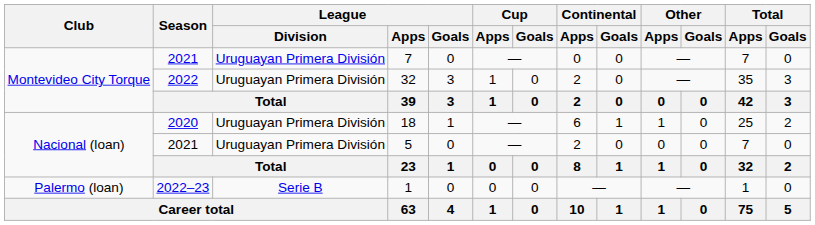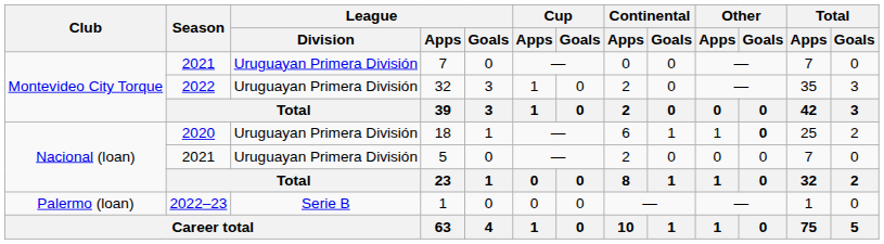 <table class="wikitable" Style="text-align: center">
 <tr>
 <th rowspan="2">Club</th>
 <th rowspan="2">Season</th>
 <th colspan="3">League</th>
 <th colspan="2">Cup</th>
 <th colspan="2">Continental</th>
 <th colspan="2">Other</th>
 <th colspan="2">Total</th>
 </tr>
 <tr>
 <th>Division</th>
 <th>Apps</th>
 <th>Goals</th>
 <th>Apps</th>
 <th>Goals</th>
 <th>Apps</th>
 <th>Goals</th>
 <th>Apps</th>
 <th>Goals</th>
 <th>Apps</th>
 <th>Goals</th>
 </tr>
 <tr>
 <td rowspan="3"><a href='#'>Montevideo City Torque</a></td>
 <td><a href='#'>2021</a></td>
 <td><a href='#'>Uruguayan Primera División</a></td>
 <td>7</td>
 <td>0</td>
 <td colspan="2">—</td>
 <td>0</td>
 <td>0</td>
 <td colspan="2">—</td>
 <td>7</td>
 <td>0</td>
 </tr>
 <tr>
 <td><a href='#'>2022</a></td>
 <td>Uruguayan Primera División</td>
 <td>32</td>
 <td>3</td>
 <td>1</td>
 <td>0</td>
 <td>2</td>
 <td>0</td>
 <td colspan="2">—</td>
 <td>35</td>
 <td>3</td>
 </tr>
 <tr>
 <th colspan="2">Total</th>
 <th>39</th>
 <th>3</th>
 <th>1</th>
 <th>0</th>
 <th>2</th>
 <th>0</th>
 <th>0</th>
 <th>0</th>
 <th>42</th>
 <th>3</th>
 </tr>
 <tr>
 <td rowspan="3"><a href='#'>Nacional</a> (loan)</td>
 <td><a href='#'>2020</a></td>
 <td>Uruguayan Primera División</td>
 <td>18</td>
 <td>1</td>
 <td colspan="2">—</td>
 <td>6</td>
 <td>1</td>
 <td>1</td>
-<td>0</td>
+<td><strong>0</strong></td>
 <td>25</td>
 <td>2</td>
 </tr>
 <tr>
 <td>2021</td>
 <td>Uruguayan Primera División</td>
 <td>5</td>
 <td>0</td>
 <td colspan="2">—</td>
 <td>2</td>
 <td>0</td>
 <td>0</td>
 <td>0</td>
 <td>7</td>
 <td>0</td>
 </tr>
 <tr>
 <th colspan="2">Total</th>
 <th>23</th>
 <th>1</th>
 <th>0</th>
 <th>0</th>
 <th>8</th>
 <th>1</th>
 <th>1</th>
 <th>0</th>
 <th>32</th>
 <th>2</th>
 </tr>
 <tr>
 <td><a href='#'>Palermo</a> (loan)</td>
 <td><a href='#'>2022–23</a></td>
 <td><a href='#'>Serie B</a></td>
 <td>1</td>
 <td>0</td>
 <td>0</td>
 <td>0</td>
 <td colspan="2">—</td>
 <td colspan="2">—</td>
 <td>1</td>
 <td>0</td>
 </tr>
 <tr>
 <th colspan="3">Career total</th>
 <th>63</th>
 <th>4</th>
 <th>1</th>
 <th>0</th>
 <th>10</th>
 <th>1</th>
 <th>1</th>
 <th>0</th>
 <th>75</th>
 <th>5</th>
 </tr>
 </table>
